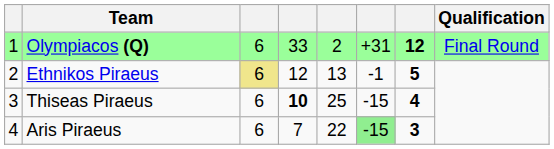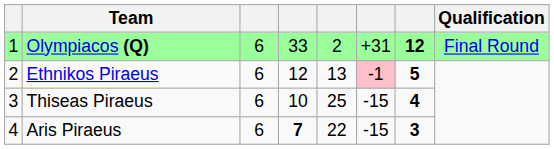 <table class="wikitable" style="text-align: center; font-size:100%">
 <tr>
 <th></th>
 <th width=190>Team</th>
 <th width=28></th>
 <th width=28></th>
 <th width=28></th>
 <th width=28></th>
 <th width=28></th>
 <th>Qualification</th>
 </tr>
 <tr bgcolor=#9AFF9A>
 <td>1</td>
 <td align=left><a href='#'>Olympiacos</a> <strong>(Q)</strong></td>
 <td>6</td>
 <td>33</td>
 <td>2</td>
 <td>+31</td>
 <td><strong>12</strong></td>
 <td><a href='#'>Final Round</a></td>
 </tr>
 <tr>
 <td>2</td>
 <td align=left><a href='#'>Ethnikos Piraeus</a></td>
-<td style="background: khaki;">6</td>
+<td>6</td>
 <td>12</td>
 <td>13</td>
-<td>-1</td>
+<td style="background: pink;">-1</td>
 <td><strong>5</strong></td>
 <td rowspan=3></td>
 </tr>
 <tr>
 <td>3</td>
 <td align=left>Thiseas Piraeus</td>
 <td>6</td>
-<td><strong>10</strong></td>
+<td>10</td>
 <td>25</td>
 <td>-15</td>
 <td><strong>4</strong></td>
 </tr>
 <tr>
 <td>4</td>
 <td align=left>Aris Piraeus</td>
 <td>6</td>
-<td>7</td>
+<td><strong>7</strong></td>
 <td>22</td>
-<td style="background: lightgreen;">-15</td>
+<td>-15</td>
 <td><strong>3</strong></td>
 </tr>
 </table>
